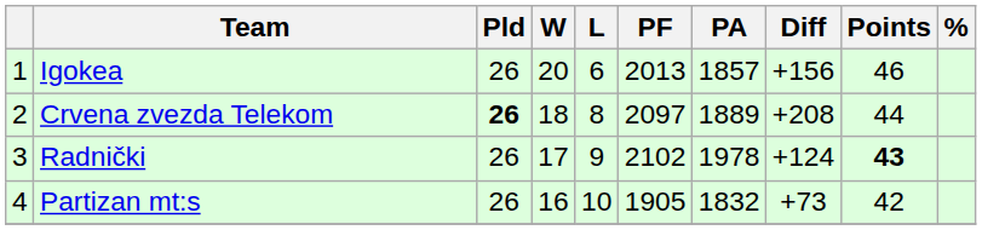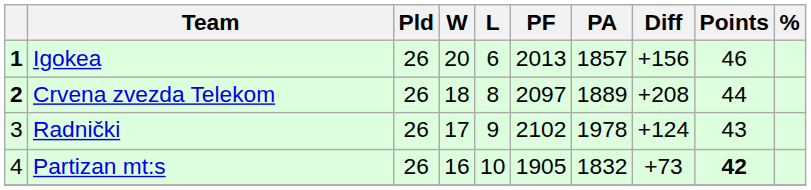 <table class="wikitable sortable" style="text-align:center">
 <tr>
 <th></th>
 <th width="250">Team</th>
 <th>Pld</th>
 <th>W</th>
 <th>L</th>
 <th>PF</th>
 <th>PA</th>
 <th>Diff</th>
 <th>Points</th>
 <th>%</th>
 </tr>
 <tr style="background: #ddffdd">
-<td>1</td>
+<td><strong>1</strong></td>
 <td align=left> <a href='#'>Igokea</a></td>
 <td>26</td>
 <td>20</td>
 <td>6</td>
 <td>2013</td>
 <td>1857</td>
 <td>+156</td>
 <td>46</td>
 <td></td>
 </tr>
 <tr style="background: #ddffdd">
-<td>2</td>
+<td><strong>2</strong></td>
 <td align=left> <a href='#'>Crvena zvezda Telekom</a></td>
-<td><strong>26</strong></td>
+<td>26</td>
 <td>18</td>
 <td>8</td>
 <td>2097</td>
 <td>1889</td>
 <td>+208</td>
 <td>44</td>
 <td></td>
 </tr>
 <tr style="background: #ddffdd">
 <td>3</td>
 <td align=left> <a href='#'>Radnički</a></td>
 <td>26</td>
 <td>17</td>
 <td>9</td>
 <td>2102</td>
 <td>1978</td>
 <td>+124</td>
-<td><strong>43</strong></td>
+<td>43</td>
 <td></td>
 </tr>
 <tr style="background: #ddffdd">
 <td>4</td>
 <td align=left> <a href='#'>Partizan mt:s</a></td>
 <td>26</td>
 <td>16</td>
 <td>10</td>
 <td>1905</td>
 <td>1832</td>
 <td>+73</td>
-<td>42</td>
+<td><strong>42</strong></td>
 <td></td>
 </tr>
 <tr>
 </tr>
 </table>
